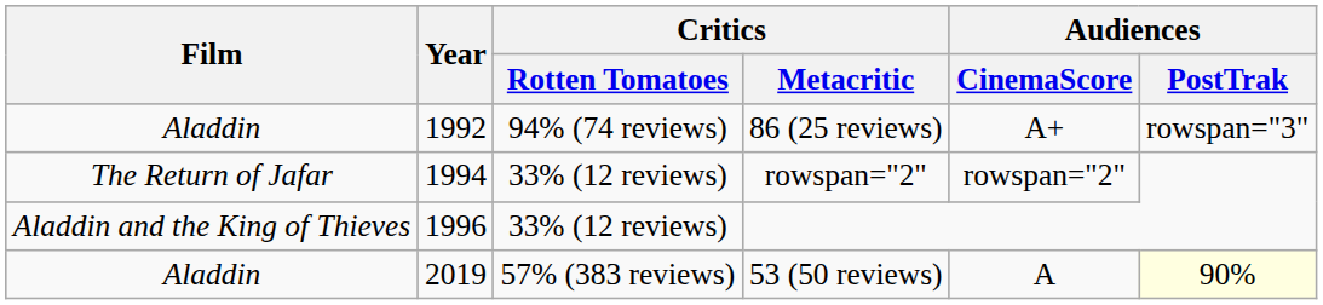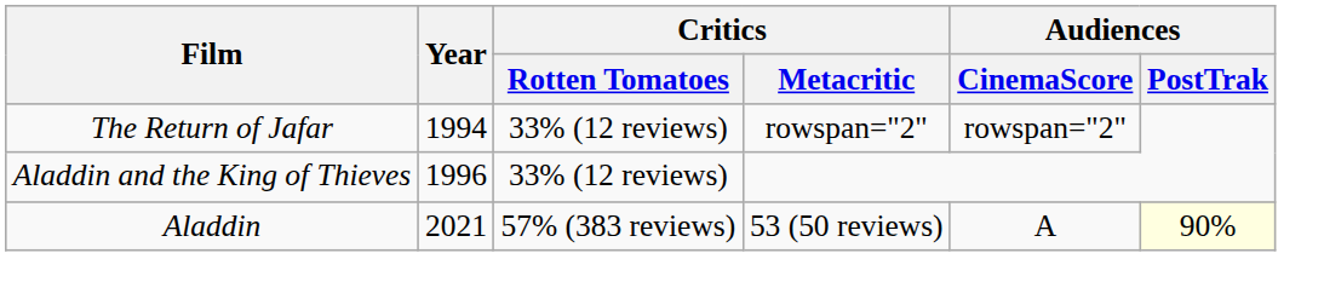 <table class="wikitable" border="1" style="text-align: center;">
 <tr>
 <th rowspan="2">Film</th>
 <th rowspan="2">Year</th>
 <th colspan="2">Critics</th>
 <th colspan="2">Audiences</th>
 </tr>
 <tr>
 <th><a href='#'>Rotten Tomatoes</a></th>
 <th><a href='#'>Metacritic</a></th>
 <th><a href='#'>CinemaScore</a></th>
 <th><a href='#'>PostTrak</a></th>
-</tr>
-<tr>
-<td><em>Aladdin</em></td>
-<td>1992</td>
-<td>94% (74 reviews)</td>
-<td>86 (25 reviews)</td>
-<td>A+</td>
-<td>rowspan="3" </td>
 </tr>
 <tr>
 <td><em>The Return of Jafar</em></td>
 <td>1994</td>
 <td>33% (12 reviews)</td>
 <td>rowspan="2" </td>
 <td>rowspan="2" </td>
 </tr>
 <tr>
 <td><em>Aladdin and the King of Thieves</em></td>
 <td>1996</td>
 <td>33% (12 reviews)</td>
 </tr>
 <tr>
 <td><em>Aladdin</em></td>
-<td>2019</td>
+<td>2021</td>
 <td>57% (383 reviews)</td>
 <td>53 (50 reviews)</td>
 <td>A</td>
 <td style="background: lightyellow;">90%</td>
 </tr>
 </table>
